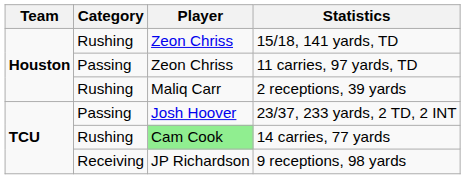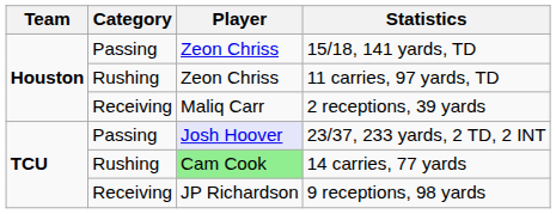 <table class="wikitable" style="float: right;">
 <tr>
 <th>Team</th>
 <th>Category</th>
 <th>Player</th>
 <th>Statistics</th>
 </tr>
 <tr>
 <td rowspan=3><strong>Houston</strong></td>
-<td>Rushing</td>
+<td>Passing</td>
 <td><a href='#'>Zeon Chriss</a></td>
 <td>15/18, 141 yards, TD</td>
 </tr>
 <tr>
-<td>Passing</td>
+<td>Rushing</td>
 <td>Zeon Chriss</td>
 <td>11 carries, 97 yards, TD</td>
 </tr>
 <tr>
-<td>Rushing</td>
+<td>Receiving</td>
 <td>Maliq Carr</td>
 <td>2 receptions, 39 yards</td>
 </tr>
 <tr>
 <td rowspan=3><strong>TCU</strong></td>
 <td>Passing</td>
-<td><a href='#'>Josh Hoover</a></td>
+<td style="background: lavender;"><a href='#'>Josh Hoover</a></td>
 <td>23/37, 233 yards, 2 TD, 2 INT</td>
 </tr>
 <tr>
 <td>Rushing</td>
 <td style="background: lightgreen;">Cam Cook</td>
 <td>14 carries, 77 yards</td>
 </tr>
 <tr>
 <td>Receiving</td>
 <td>JP Richardson</td>
 <td>9 receptions, 98 yards</td>
 </tr>
 </table>
